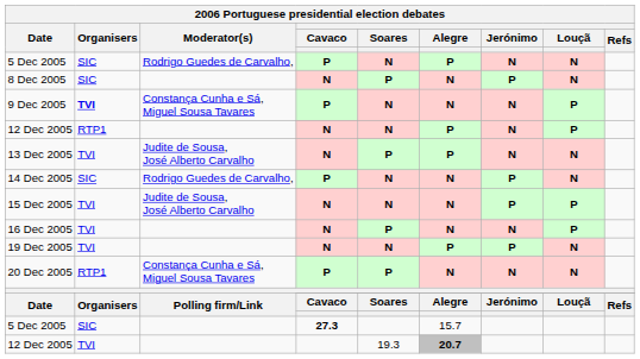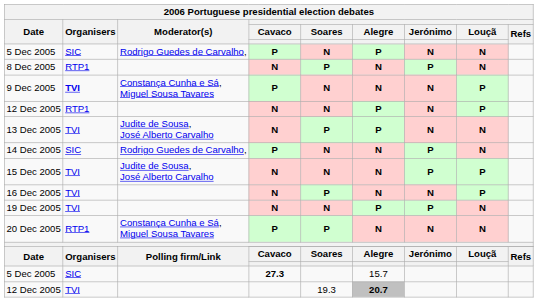 <table class="wikitable" style="font-size:98%; text-align:center;">
 <tr>
 <th colspan="21">2006 Portuguese presidential election debates</th>
 </tr>
 <tr>
 <th rowspan="3">Date</th>
 <th rowspan="3">Organisers</th>
 <th rowspan="3">Moderator(s)</th>
 <th colspan="18">      </th>
 </tr>
 <tr>
 <th scope="col" style="width:5em;">Cavaco</th>
 <th scope="col" style="width:5em;">Soares</th>
 <th scope="col" style="width:5em;">Alegre</th>
 <th scope="col" style="width:5em;">Jerónimo</th>
 <th scope="col" style="width:5em;">Louçã</th>
 <th rowspan="2">Refs</th>
 </tr>
 <tr>
 <th style="background:"></th>
 <th style="background:"></th>
 <th style="background:"></th>
 <th style="background:"></th>
 <th style="background:"></th>
 </tr>
 <tr>
 <td style="white-space:nowrap; text-align:left;">5 Dec 2005</td>
 <td style="white-space:nowrap; text-align:left;"><a href='#'>SIC</a></td>
 <td style="white-space:nowrap; text-align:left;"><a href='#'>Rodrigo Guedes de Carvalho</a>,<br> </td>
 <td style="background:#D0FFD0;"><strong>P</strong></td>
 <td style="background:#FFD0D0;"><strong>N</strong></td>
 <td style="background:#D0FFD0;"><strong>P</strong></td>
 <td style="background:#FFD0D0;"><strong>N</strong></td>
 <td style="background:#FFD0D0;"><strong>N</strong></td>
 <td></td>
 </tr>
 <tr>
 <td style="white-space:nowrap; text-align:left;">8 Dec 2005</td>
-<td style="white-space:nowrap; text-align:left;"><a href='#'>SIC</a></td>
+<td style="white-space:nowrap; text-align:left;"><a href='#'>RTP1</a></td>
 <td style="white-space:nowrap; text-align:left;"></td>
 <td style="background:#FFD0D0;"><strong>N</strong></td>
 <td style="background:#D0FFD0;"><strong>P</strong></td>
 <td style="background:#FFD0D0;"><strong>N</strong></td>
 <td style="background:#D0FFD0;"><strong>P</strong></td>
 <td style="background:#FFD0D0;"><strong>N</strong></td>
 <td></td>
 </tr>
 <tr>
 <td style="white-space:nowrap; text-align:left;">9 Dec 2005</td>
 <td style="white-space:nowrap; text-align:left;"><strong><a href='#'>TVI</a></strong></td>
 <td style="white-space:nowrap; text-align:left;"><a href='#'>Constança Cunha e Sá</a>,<br> <a href='#'>Miguel Sousa Tavares</a></td>
 <td style="background:#D0FFD0;"><strong>P</strong></td>
 <td style="background:#FFD0D0;"><strong>N</strong></td>
 <td style="background:#FFD0D0;"><strong>N</strong></td>
 <td style="background:#FFD0D0;"><strong>N</strong></td>
 <td style="background:#D0FFD0;"><strong>P</strong></td>
 <td></td>
 </tr>
 <tr>
 <td style="white-space:nowrap; text-align:left;">12 Dec 2005</td>
 <td style="white-space:nowrap; text-align:left;"><a href='#'>RTP1</a></td>
 <td style="white-space:nowrap; text-align:left;"></td>
 <td style="background:#FFD0D0;"><strong>N</strong></td>
 <td style="background:#FFD0D0;"><strong>N</strong></td>
 <td style="background:#D0FFD0;"><strong>P</strong></td>
 <td style="background:#FFD0D0;"><strong>N</strong></td>
 <td style="background:#D0FFD0;"><strong>P</strong></td>
 <td></td>
 </tr>
 <tr>
 <td style="white-space:nowrap; text-align:left;">13 Dec 2005</td>
 <td style="white-space:nowrap; text-align:left;"><a href='#'>TVI</a></td>
 <td style="white-space:nowrap; text-align:left;"><a href='#'>Judite de Sousa</a>,<br> <a href='#'>José Alberto Carvalho</a></td>
 <td style="background:#FFD0D0;"><strong>N</strong></td>
 <td style="background:#D0FFD0;"><strong>P</strong></td>
 <td style="background:#D0FFD0;"><strong>P</strong></td>
 <td style="background:#FFD0D0;"><strong>N</strong></td>
 <td style="background:#FFD0D0;"><strong>N</strong></td>
 <td></td>
 </tr>
 <tr>
 <td style="white-space:nowrap; text-align:left;">14 Dec 2005</td>
 <td style="white-space:nowrap; text-align:left;"><a href='#'>SIC</a></td>
 <td style="white-space:nowrap; text-align:left;"><a href='#'>Rodrigo Guedes de Carvalho</a>,<br> </td>
 <td style="background:#D0FFD0;"><strong>P</strong></td>
 <td style="background:#FFD0D0;"><strong>N</strong></td>
 <td style="background:#FFD0D0;"><strong>N</strong></td>
 <td style="background:#D0FFD0;"><strong>P</strong></td>
 <td style="background:#FFD0D0;"><strong>N</strong></td>
 <td></td>
 </tr>
 <tr>
 <td style="white-space:nowrap; text-align:left;">15 Dec 2005</td>
 <td style="white-space:nowrap; text-align:left;"><a href='#'>TVI</a></td>
 <td style="white-space:nowrap; text-align:left;"><a href='#'>Judite de Sousa</a>,<br> <a href='#'>José Alberto Carvalho</a></td>
 <td style="background:#FFD0D0;"><strong>N</strong></td>
 <td style="background:#FFD0D0;"><strong>N</strong></td>
 <td style="background:#FFD0D0;"><strong>N</strong></td>
 <td style="background:#D0FFD0;"><strong>P</strong></td>
 <td style="background:#D0FFD0;"><strong>P</strong></td>
 <td></td>
 </tr>
 <tr>
 <td style="white-space:nowrap; text-align:left;">16 Dec 2005</td>
 <td style="white-space:nowrap; text-align:left;"><a href='#'>TVI</a></td>
 <td style="white-space:nowrap; text-align:left;"></td>
 <td style="background:#FFD0D0;"><strong>N</strong></td>
 <td style="background:#D0FFD0;"><strong>P</strong></td>
 <td style="background:#FFD0D0;"><strong>N</strong></td>
 <td style="background:#FFD0D0;"><strong>N</strong></td>
 <td style="background:#D0FFD0;"><strong>P</strong></td>
 <td></td>
 </tr>
 <tr>
 <td style="white-space:nowrap; text-align:left;">19 Dec 2005</td>
 <td style="white-space:nowrap; text-align:left;"><a href='#'>TVI</a></td>
 <td style="white-space:nowrap; text-align:left;"></td>
 <td style="background:#FFD0D0;"><strong>N</strong></td>
 <td style="background:#FFD0D0;"><strong>N</strong></td>
 <td style="background:#D0FFD0;"><strong>P</strong></td>
 <td style="background:#D0FFD0;"><strong>P</strong></td>
 <td style="background:#FFD0D0;"><strong>N</strong></td>
 <td></td>
 </tr>
 <tr>
 <td style="white-space:nowrap; text-align:left;">20 Dec 2005</td>
 <td style="white-space:nowrap; text-align:left;"><a href='#'>RTP1</a></td>
 <td style="white-space:nowrap; text-align:left;"><a href='#'>Constança Cunha e Sá</a>,<br> <a href='#'>Miguel Sousa Tavares</a></td>
 <td style="background:#D0FFD0;"><strong>P</strong></td>
 <td style="background:#D0FFD0;"><strong>P</strong></td>
 <td style="background:#FFD0D0;"><strong>N</strong></td>
 <td style="background:#FFD0D0;"><strong>N</strong></td>
 <td style="background:#FFD0D0;"><strong>N</strong></td>
 <td></td>
 </tr>
 <tr>
 <th colspan="9"></th>
 </tr>
 <tr>
 <th rowspan="3">Date</th>
 <th rowspan="3">Organisers</th>
 <th rowspan="3">Polling firm/Link</th>
 </tr>
 <tr>
 <th scope="col" style="width:5em;">Cavaco</th>
 <th scope="col" style="width:5em;">Soares</th>
 <th scope="col" style="width:5em;">Alegre</th>
 <th scope="col" style="width:5em;">Jerónimo</th>
 <th scope="col" style="width:5em;">Louçã</th>
 <th rowspan="2">Refs</th>
 </tr>
 <tr>
 <th style="background:"></th>
 <th style="background:"></th>
 <th style="background:"></th>
 <th style="background:"></th>
 <th style="background:"></th>
 </tr>
 <tr>
 <td style="white-space:nowrap; text-align:left;">5 Dec 2005</td>
 <td style="white-space:nowrap; text-align:left;"><a href='#'>SIC</a></td>
 <td></td>
 <td><strong>27.3</strong></td>
 <td></td>
 <td>15.7</td>
 <td></td>
 <td></td>
 <td></td>
 </tr>
 <tr>
 <td style="white-space:nowrap; text-align:left;">12 Dec 2005</td>
 <td style="white-space:nowrap; text-align:left;"><a href='#'>TVI</a></td>
 <td></td>
 <td></td>
 <td>19.3</td>
 <td style="background:#C0C0C0"><strong>20.7</strong></td>
 <td></td>
 <td></td>
 <td></td>
 </tr>
 </table>
